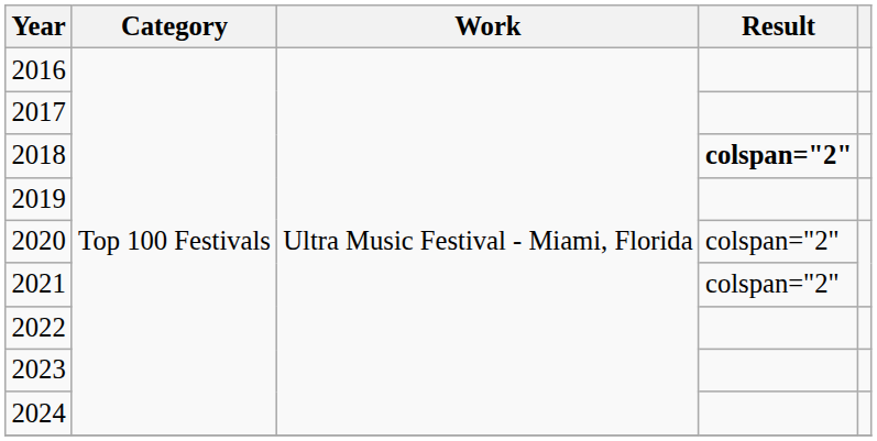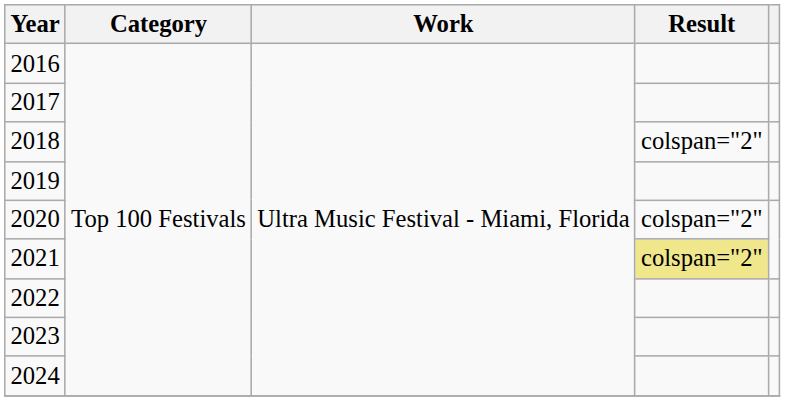 <table class="wikitable">
 <tr>
 <th>Year</th>
 <th>Category</th>
 <th>Work</th>
 <th>Result</th>
 <th></th>
 </tr>
 <tr>
 <td>2016</td>
 <td rowspan="9">Top 100 Festivals</td>
 <td rowspan="9">Ultra Music Festival - Miami, Florida</td>
 <td></td>
 <td></td>
 </tr>
 <tr>
 <td>2017</td>
 <td></td>
 <td></td>
 </tr>
 <tr>
 <td>2018</td>
-<td><strong>colspan="2"</strong></td>
+<td>colspan="2"</td>
 </tr>
 <tr>
 <td>2019</td>
 <td></td>
 <td></td>
 </tr>
 <tr>
 <td>2020</td>
 <td>colspan="2"</td>
 </tr>
 <tr>
 <td>2021</td>
-<td>colspan="2"</td>
+<td style="background: khaki;">colspan="2"</td>
 </tr>
 <tr>
 <td>2022</td>
 <td></td>
 <td></td>
 </tr>
 <tr>
 <td>2023</td>
 <td></td>
 <td></td>
 </tr>
 <tr>
 <td>2024</td>
 <td></td>
 <td></td>
 </tr>
 <tr>
 </tr>
 </table>
